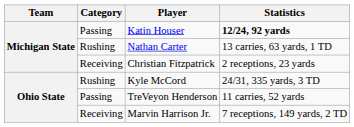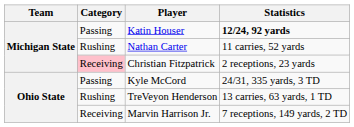 <table class="wikitable" style="float:right">
 <tr>
 <th>Team</th>
 <th>Category</th>
 <th>Player</th>
 <th>Statistics</th>
 </tr>
 <tr>
 <th rowspan=3>Michigan State</th>
 <td>Passing</td>
 <td><a href='#'>Katin Houser</a></td>
 <td><strong>12/24, 92 yards</strong></td>
 </tr>
 <tr>
 <td>Rushing</td>
 <td><a href='#'>Nathan Carter</a></td>
-<td>13 carries, 63 yards, 1 TD</td>
+<td>11 carries, 52 yards</td>
 </tr>
 <tr>
-<td>Receiving</td>
+<td style="background: pink;">Receiving</td>
 <td>Christian Fitzpatrick</td>
 <td>2 receptions, 23 yards</td>
 </tr>
 <tr>
 <th rowspan=3>Ohio State</th>
-<td>Rushing</td>
+<td>Passing</td>
 <td>Kyle McCord</td>
 <td>24/31, 335 yards, 3 TD</td>
 </tr>
 <tr>
-<td>Passing</td>
+<td>Rushing</td>
 <td>TreVeyon Henderson</td>
-<td>11 carries, 52 yards</td>
+<td>13 carries, 63 yards, 1 TD</td>
 </tr>
 <tr>
 <td>Receiving</td>
 <td>Marvin Harrison Jr.</td>
 <td>7 receptions, 149 yards, 2 TD</td>
 </tr>
 </table>
